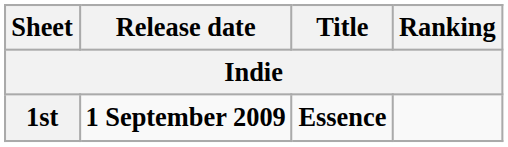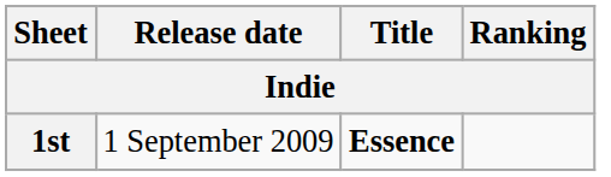 <table class="wikitable" style="font-size:small">
 <tr>
 <th>Sheet</th>
 <th>Release date</th>
 <th>Title</th>
 <th>Ranking</th>
 </tr>
 <tr>
 <th colspan="4">Indie</th>
 </tr>
 <tr>
 <th>1st</th>
-<td><strong>1 September 2009</strong></td>
+<td>1 September 2009</td>
 <td><strong>Essence</strong></td>
 </tr>
 </table>
